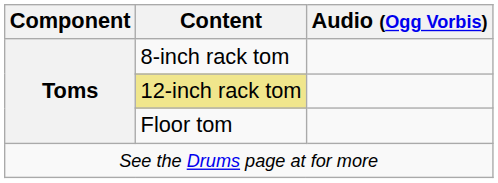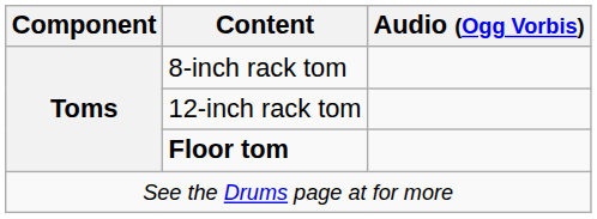 <table class="wikitable" summary="Audio samples">
 <tr>
 <th>Component</th>
 <th>Content</th>
 <th>Audio  <small>(<a href='#'>Ogg Vorbis</a>)</small></th>
 </tr>
 <tr>
 <th align="center" rowspan="3 ">Toms</th>
 <td>8-inch rack tom</td>
 <td align="center"></td>
 </tr>
 <tr>
-<td style="background: khaki;">12-inch rack tom</td>
+<td>12-inch rack tom</td>
 <td align="center"></td>
 </tr>
 <tr>
-<td>Floor tom</td>
+<td><strong>Floor tom</strong></td>
 <td align="center"></td>
 </tr>
 <tr>
 <td align="center"  colspan="3"><small><em>See the <a href='#'>Drums</a> page at  for more</em> </small></td>
 </tr>
 </table>
